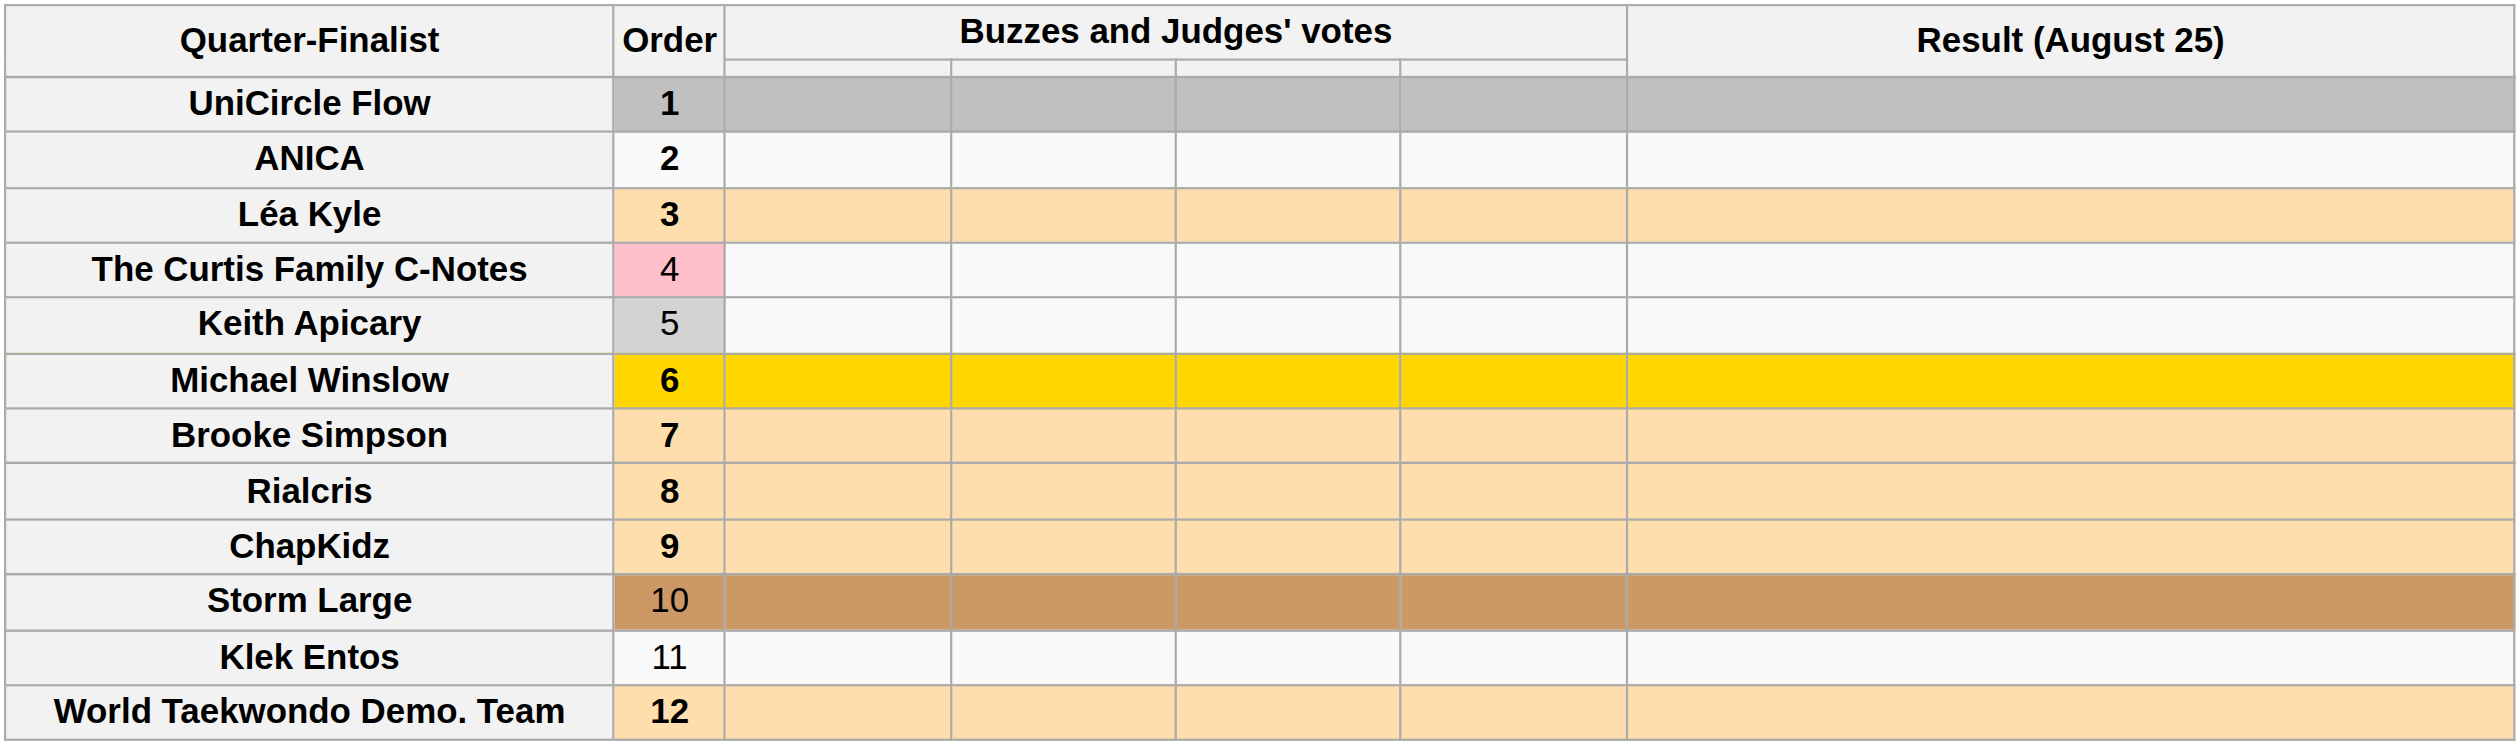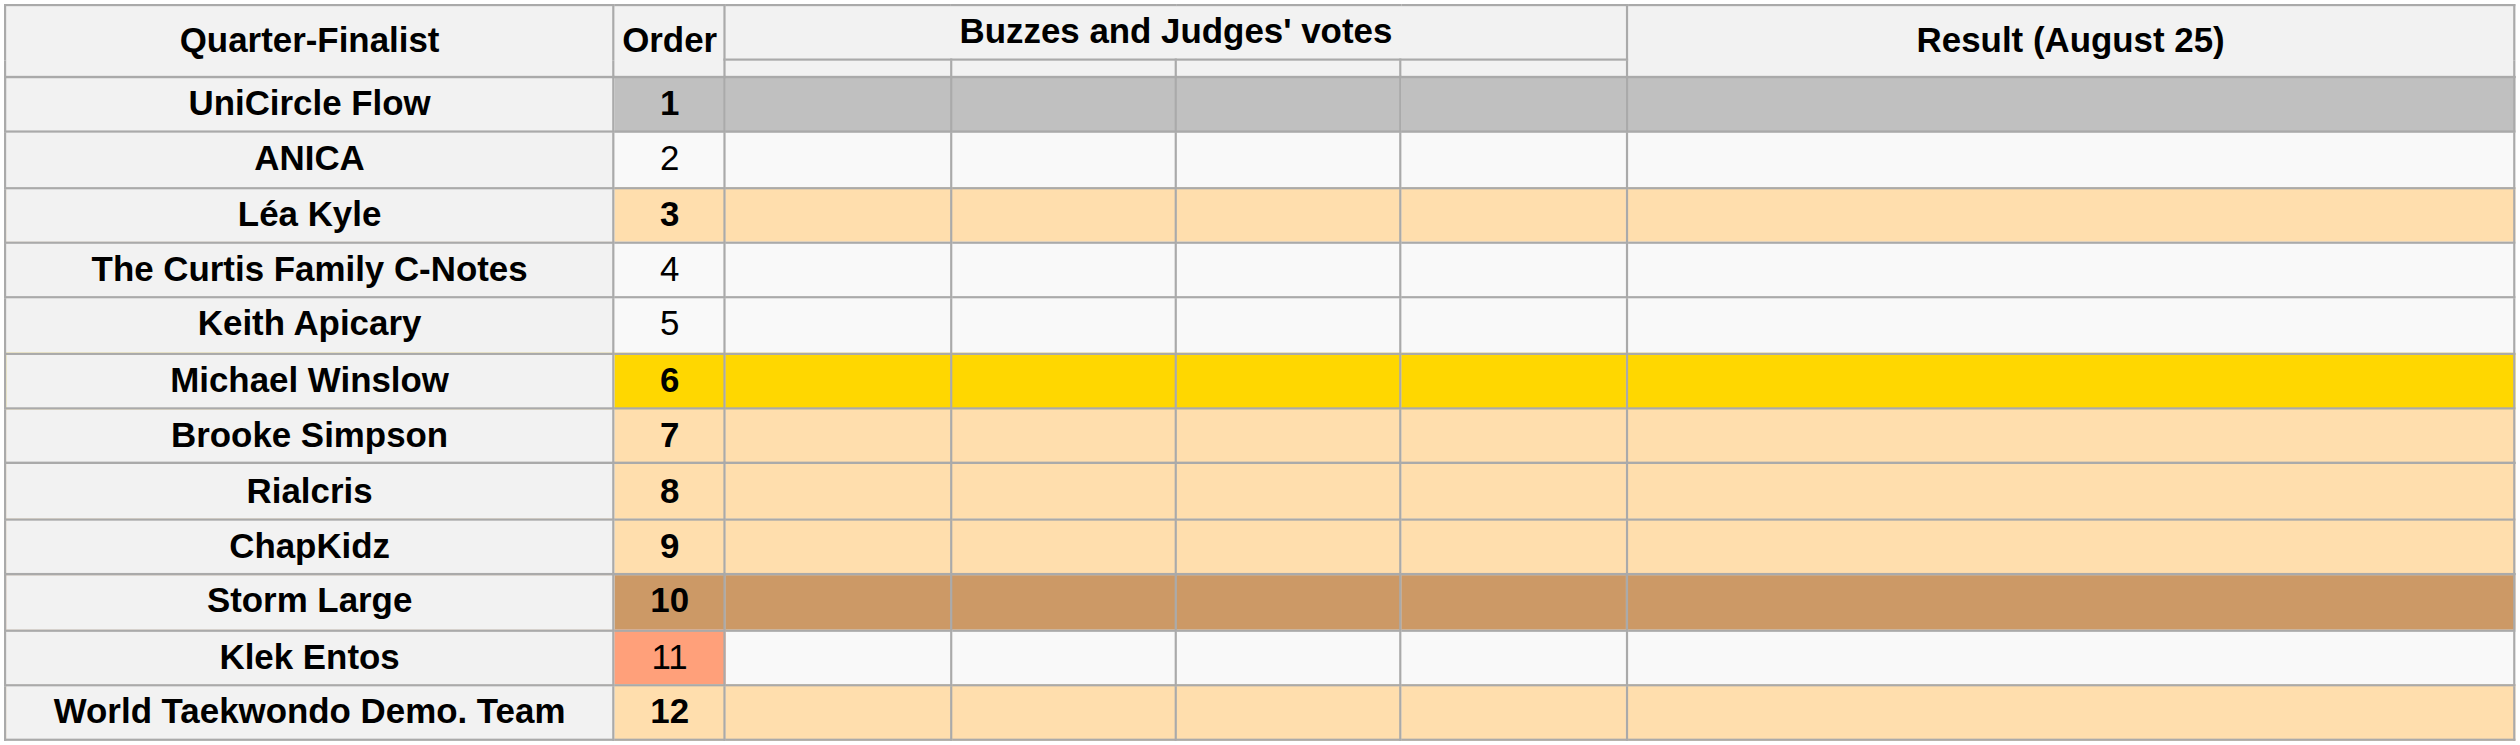 <table class="wikitable plainrowheaders sortable" style="text-align:center;">
 <tr>
 <th scope="col" rowspan="2" class="unsortable" style="width:17em;">Quarter-Finalist</th>
 <th scope="col" rowspan="2" style="width:1em;">Order</th>
 <th scope="col" colspan="4" class="unsortable" style="width:24em;">Buzzes and Judges' votes</th>
 <th scope="col" rowspan="2" style="width:25em;">Result (August 25)</th>
 </tr>
 <tr>
 <th scope="col" class="unsortable" style="width:6em;"></th>
 <th scope="col" class="unsortable" style="width:6em;"></th>
 <th scope="col" class="unsortable" style="width:6em;"></th>
 <th scope="col" class="unsortable" style="width:6em;"></th>
 </tr>
 <tr>
 </tr>
 <tr style="background:silver">
 <th scope="row"><strong>UniCircle Flow</strong></th>
 <td><strong>1</strong></td>
 <td style="text-align:center;"></td>
 <td style="text-align:center;"></td>
 <td style="text-align:center;"></td>
 <td style="text-align:center;"></td>
 <td><strong></strong></td>
 </tr>
 <tr>
 <th scope="row">ANICA</th>
-<td><strong>2</strong></td>
+<td>2</td>
 <td style="text-align:center;"></td>
 <td style="text-align:center;"></td>
 <td style="text-align:center;"></td>
 <td style="text-align:center;"></td>
 <td></td>
 </tr>
 <tr style="background:NavajoWhite">
 <th scope="row"><strong>Léa Kyle</strong></th>
 <td><strong>3</strong></td>
 <td style="text-align:center;"></td>
 <td style="text-align:center;"></td>
 <td style="text-align:center;"></td>
 <td style="text-align:center;"></td>
 <td><strong></strong></td>
 </tr>
 <tr>
 <th scope="row">The Curtis Family C-Notes</th>
-<td style="background: pink;">4</td>
+<td>4</td>
 <td style="text-align:center;"></td>
 <td style="text-align:center;"></td>
 <td style="text-align:center;"></td>
 <td style="text-align:center;"></td>
 <td></td>
 </tr>
 <tr>
 <th scope="row">Keith Apicary</th>
-<td style="background: lightgrey;">5</td>
+<td>5</td>
 <td style="text-align:center;"></td>
 <td style="text-align:center;"></td>
 <td style="text-align:center;"></td>
 <td style="text-align:center;"></td>
 <td></td>
 </tr>
 <tr style="background:gold">
 <th scope="row"><strong>Michael Winslow</strong></th>
 <td><strong>6</strong></td>
 <td style="text-align:center;"></td>
 <td style="text-align:center;"></td>
 <td style="text-align:center;"></td>
 <td style="text-align:center;"></td>
 <td><strong></strong></td>
 </tr>
 <tr style="background:NavajoWhite">
 <th scope="row"><strong>Brooke Simpson</strong></th>
 <td><strong>7</strong></td>
 <td style="text-align:center;"></td>
 <td style="text-align:center;"></td>
 <td style="text-align:center;"></td>
 <td style="text-align:center;"></td>
 <td><strong></strong></td>
 </tr>
 <tr>
 </tr>
 <tr style="background:NavajoWhite">
 <th scope="row"><strong>Rialcris</strong></th>
 <td><strong>8</strong></td>
 <td style="text-align:center;"></td>
 <td style="text-align:center;"></td>
 <td style="text-align:center;"></td>
 <td style="text-align:center;"></td>
 <td><strong></strong></td>
 </tr>
 <tr style="background:NavajoWhite">
 <th scope="row"><strong>ChapKidz</strong></th>
 <td><strong>9</strong></td>
 <td style="text-align:center;"></td>
 <td style="text-align:center;"></td>
 <td style="text-align:center;"></td>
 <td style="text-align:center;"></td>
 <td><strong></strong></td>
 </tr>
 <tr>
 </tr>
 <tr style="background:#c96">
 <th scope="row">Storm Large</th>
-<td>10</td>
+<td><strong>10</strong></td>
 <td style="text-align:center;"></td>
 <td style="text-align:center;"></td>
 <td style="text-align:center;"></td>
 <td style="text-align:center;"></td>
 <td></td>
 </tr>
 <tr>
 <th scope="row">Klek Entos</th>
-<td>11</td>
+<td style="background: lightsalmon;">11</td>
 <td style="text-align:center;"></td>
 <td style="text-align:center;"></td>
 <td style="text-align:center;"></td>
 <td style="text-align:center;"></td>
 <td></td>
 </tr>
 <tr style="background:NavajoWhite">
 <th scope="row"><strong>World Taekwondo Demo. Team</strong></th>
 <td><strong>12</strong></td>
 <td style="text-align:center;"></td>
 <td style="text-align:center;"></td>
 <td style="text-align:center;"></td>
 <td style="text-align:center;"></td>
 <td><strong></strong></td>
 </tr>
 </table>
